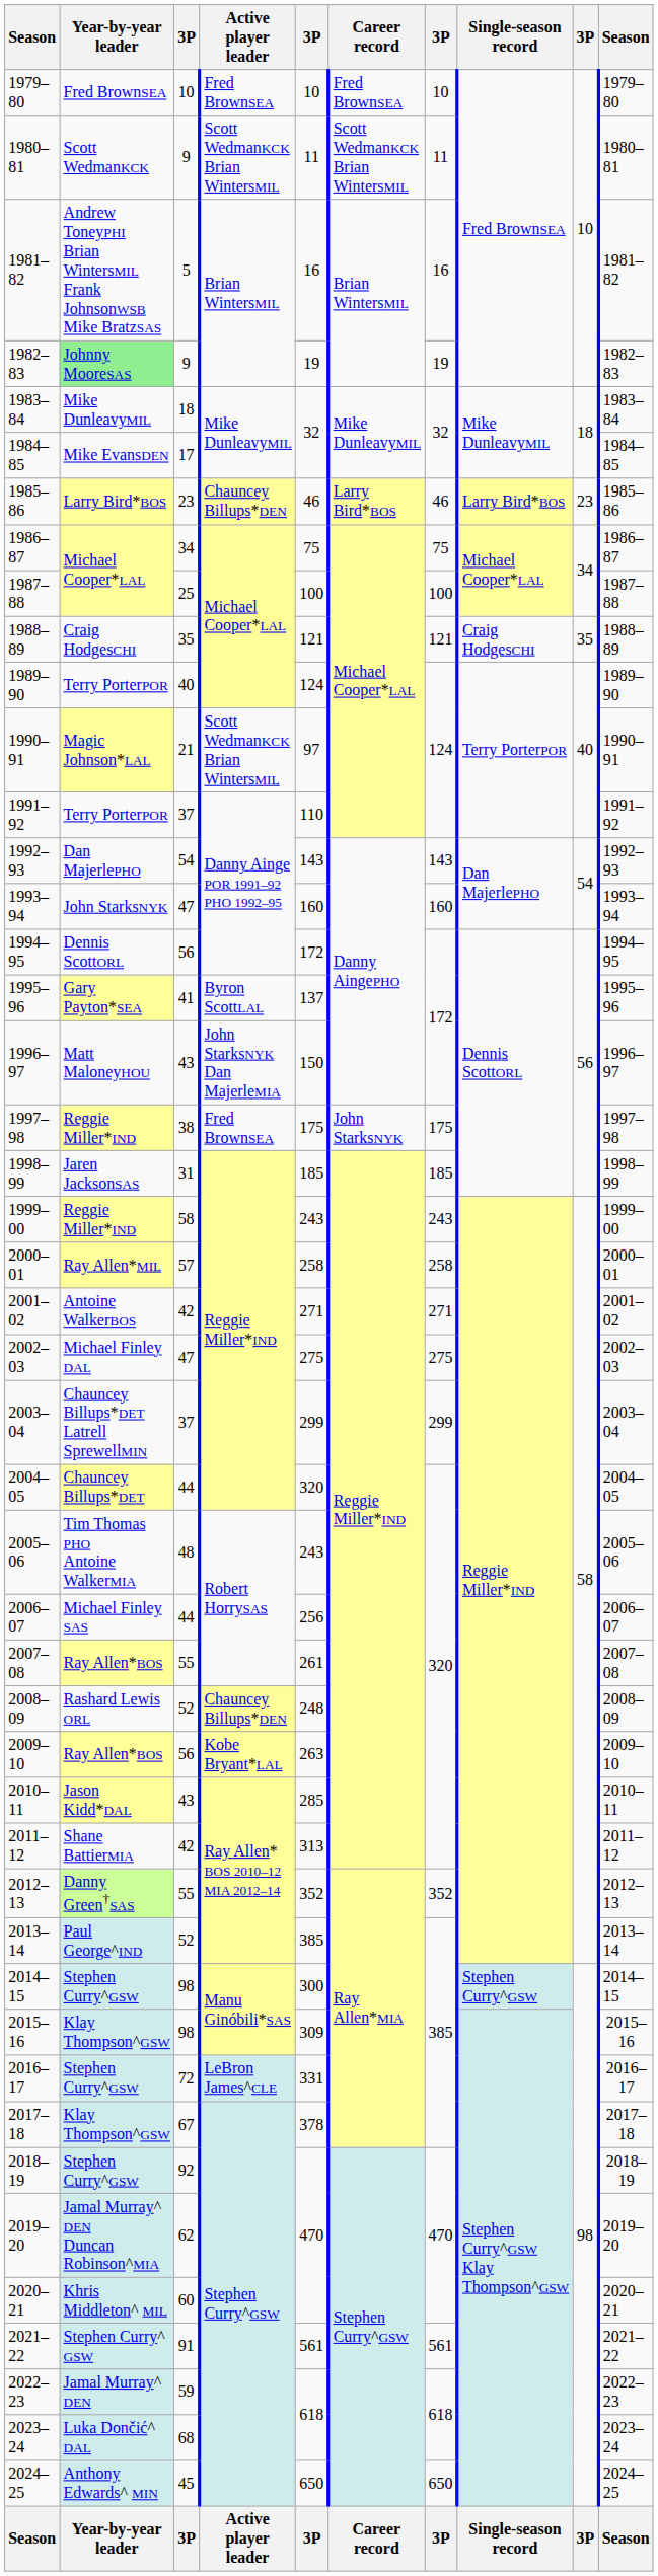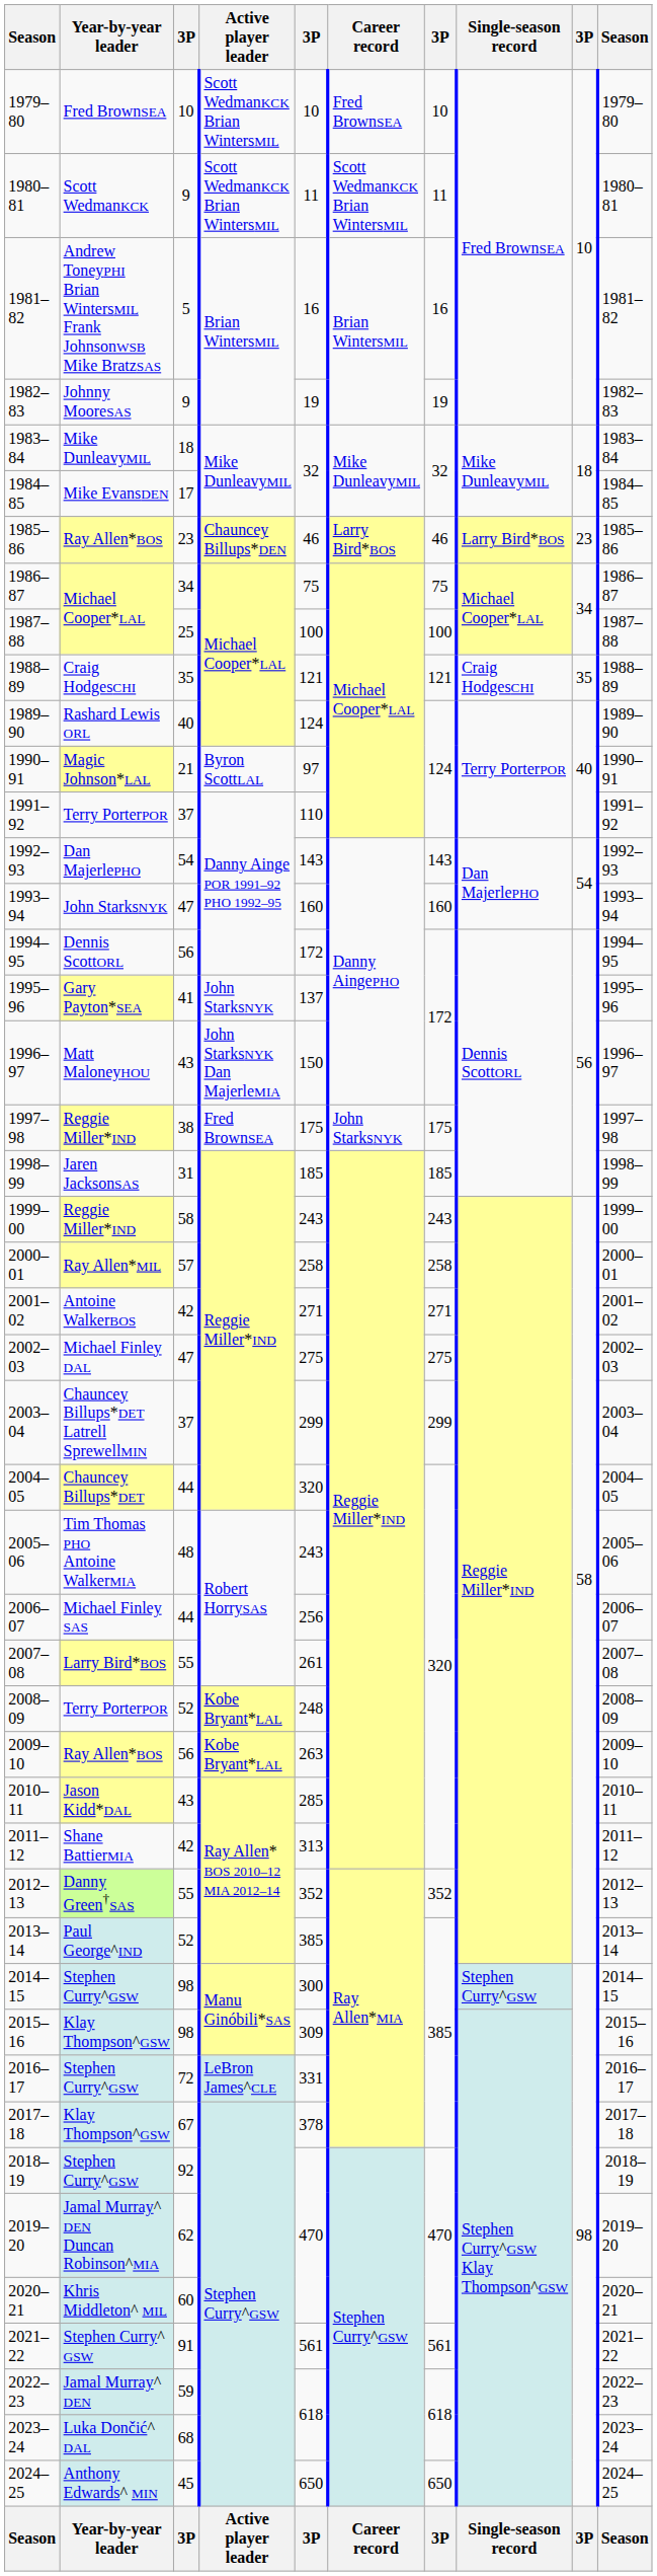 <table class="wikitable"  style="font-size: 95%;">
 <tr>
 <th>Season</th>
 <th>Year-by-year leader</th>
 <th>3P</th>
 <th>Active player leader</th>
 <th>3P</th>
 <th>Career record</th>
 <th>3P</th>
 <th>Single-season record</th>
 <th>3P</th>
 <th>Season</th>
 </tr>
 <tr>
 <td>1979–80</td>
 <td><a href='#'>Fred Brown</a><small><a href='#'>SEA</a></small></td>
 <td align=center style="border-right: solid blue">10</td>
-<td><a href='#'>Fred Brown</a><small><a href='#'>SEA</a></small></td>
+<td><a href='#'>Scott Wedman</a><small><a href='#'>KCK</a></small><br><a href='#'>Brian Winters</a><small><a href='#'>MIL</a></small></td>
 <td align=center style="border-right: solid blue">10</td>
 <td><a href='#'>Fred Brown</a><small><a href='#'>SEA</a></small></td>
 <td align=center style="border-right: solid blue">10</td>
 <td rowspan=4><a href='#'>Fred Brown</a><small><a href='#'>SEA</a></small></td>
 <td rowspan=4 align=center style="border-right: solid blue">10</td>
 <td>1979–80</td>
 </tr>
 <tr>
 <td>1980–81</td>
 <td><a href='#'>Scott Wedman</a><small><a href='#'>KCK</a></small><br></td>
 <td align=center style="border-right: solid blue">9</td>
 <td><a href='#'>Scott Wedman</a><small><a href='#'>KCK</a></small><br><a href='#'>Brian Winters</a><small><a href='#'>MIL</a></small></td>
 <td align=center style="border-right: solid blue">11</td>
 <td><a href='#'>Scott Wedman</a><small><a href='#'>KCK</a></small><br><a href='#'>Brian Winters</a><small><a href='#'>MIL</a></small></td>
 <td align=center style="border-right: solid blue">11</td>
 <td>1980–81</td>
 </tr>
 <tr>
 <td>1981–82</td>
 <td><a href='#'>Andrew Toney</a><small><a href='#'>PHI</a></small><br><a href='#'>Brian Winters</a><small><a href='#'>MIL</a></small><br><a href='#'>Frank Johnson</a><small><a href='#'>WSB</a></small><br><a href='#'>Mike Bratz</a><small><a href='#'>SAS</a></small></td>
 <td align=center style="border-right: solid blue">5</td>
 <td rowspan=2><a href='#'>Brian Winters</a><small><a href='#'>MIL</a></small></td>
 <td align=center style="border-right: solid blue">16</td>
 <td rowspan=2><a href='#'>Brian Winters</a><small><a href='#'>MIL</a></small></td>
 <td align=center style="border-right: solid blue">16</td>
 <td>1981–82</td>
 </tr>
 <tr>
 <td>1982–83</td>
-<td style="background: lightgreen;"><a href='#'>Johnny Moore</a><small><a href='#'>SAS</a></small></td>
+<td><a href='#'>Johnny Moore</a><small><a href='#'>SAS</a></small></td>
 <td align=center style="border-right: solid blue">9</td>
 <td align=center style="border-right: solid blue">19</td>
 <td align=center style="border-right: solid blue">19</td>
 <td>1982–83</td>
 </tr>
 <tr>
 <td>1983–84</td>
 <td><a href='#'>Mike Dunleavy</a><small><a href='#'>MIL</a></small></td>
 <td align=center style="border-right: solid blue">18</td>
 <td rowspan=2><a href='#'>Mike Dunleavy</a><small><a href='#'>MIL</a></small></td>
 <td rowspan=2 align=center style="border-right: solid blue">32</td>
 <td rowspan=2><a href='#'>Mike Dunleavy</a><small><a href='#'>MIL</a></small></td>
 <td rowspan=2 align=center style="border-right: solid blue">32</td>
 <td rowspan=2><a href='#'>Mike Dunleavy</a><small><a href='#'>MIL</a></small></td>
 <td rowspan=2 align=center style="border-right: solid blue">18</td>
 <td>1983–84</td>
 </tr>
 <tr>
 <td>1984–85</td>
 <td><a href='#'>Mike Evans</a><small><a href='#'>DEN</a></small></td>
 <td align=center style="border-right: solid blue">17</td>
 <td>1984–85</td>
 </tr>
 <tr>
 <td>1985–86</td>
-<td bgcolor="#FFFF99"><a href='#'>Larry Bird</a>*<small><a href='#'>BOS</a></small></td>
+<td bgcolor="#FFFF99"><a href='#'>Ray Allen</a>*<small><a href='#'>BOS</a></small></td>
 <td align=center style="border-right: solid blue">23</td>
 <td bgcolor="#FFFF99"><a href='#'>Chauncey Billups</a>*<small><a href='#'>DEN</a></small></td>
 <td align=center style="border-right: solid blue">46</td>
 <td bgcolor="#FFFF99"><a href='#'>Larry Bird</a>*<small><a href='#'>BOS</a></small></td>
 <td align=center style="border-right: solid blue">46</td>
 <td bgcolor="#FFFF99"><a href='#'>Larry Bird</a>*<small><a href='#'>BOS</a></small></td>
 <td align=center style="border-right: solid blue">23</td>
 <td>1985–86</td>
 </tr>
 <tr>
 <td>1986–87</td>
 <td rowspan=2 bgcolor="#FFFF99"><a href='#'>Michael Cooper</a>*<small><a href='#'>LAL</a></small></td>
 <td align=center style="border-right: solid blue">34</td>
 <td rowspan=4 bgcolor="#FFFF99"><a href='#'>Michael Cooper</a>*<small><a href='#'>LAL</a></small></td>
 <td align=center style="border-right: solid blue">75</td>
 <td rowspan=6 bgcolor="#FFFF99"><a href='#'>Michael Cooper</a>*<small><a href='#'>LAL</a></small></td>
 <td align=center style="border-right: solid blue">75</td>
 <td rowspan=2 bgcolor="#FFFF99"><a href='#'>Michael Cooper</a>*<small><a href='#'>LAL</a></small></td>
 <td rowspan=2 align=center style="border-right: solid blue">34</td>
 <td>1986–87</td>
 </tr>
 <tr>
 <td>1987–88</td>
 <td align=center style="border-right: solid blue">25</td>
 <td align=center style="border-right: solid blue">100</td>
 <td align=center style="border-right: solid blue">100</td>
 <td>1987–88</td>
 </tr>
 <tr>
 <td>1988–89</td>
 <td><a href='#'>Craig Hodges</a><small><a href='#'>CHI</a></small></td>
 <td align=center style="border-right: solid blue">35</td>
 <td align=center style="border-right: solid blue">121</td>
 <td align=center style="border-right: solid blue">121</td>
 <td><a href='#'>Craig Hodges</a><small><a href='#'>CHI</a></small></td>
 <td align=center style="border-right: solid blue">35</td>
 <td>1988–89</td>
 </tr>
 <tr>
 <td>1989–90</td>
-<td><a href='#'>Terry Porter</a><small><a href='#'>POR</a></small></td>
+<td><a href='#'>Rashard Lewis</a> <small><a href='#'>ORL</a></small></td>
 <td align=center style="border-right: solid blue">40</td>
 <td align=center style="border-right: solid blue">124</td>
 <td align=center style="border-right: solid blue" rowspan=3>124</td>
 <td rowspan=3><a href='#'>Terry Porter</a><small><a href='#'>POR</a></small></td>
 <td align=center style="border-right: solid blue" rowspan=3>40</td>
 <td>1989–90</td>
 </tr>
 <tr>
 <td>1990–91</td>
 <td bgcolor="#FFFF99"><a href='#'>Magic Johnson</a>*<small><a href='#'>LAL</a></small></td>
 <td align=center style="border-right: solid blue">21</td>
-<td><a href='#'>Scott Wedman</a><small><a href='#'>KCK</a></small><br><a href='#'>Brian Winters</a><small><a href='#'>MIL</a></small></td>
+<td><a href='#'>Byron Scott</a><small><a href='#'>LAL</a></small></td>
 <td align=center style="border-right: solid blue">97</td>
 <td>1990–91</td>
 </tr>
 <tr>
 <td>1991–92</td>
 <td><a href='#'>Terry Porter</a><small><a href='#'>POR</a></small></td>
 <td align=center style="border-right: solid blue">37</td>
 <td rowspan=4><a href='#'>Danny Ainge</a><br><small><a href='#'>POR 1991–92</a></small><br><small><a href='#'>PHO 1992–95</a></small></td>
 <td align=center style="border-right: solid blue">110</td>
 <td>1991–92</td>
 </tr>
 <tr>
 <td>1992–93</td>
 <td><a href='#'>Dan Majerle</a><small><a href='#'>PHO</a></small></td>
 <td align=center style="border-right: solid blue">54</td>
 <td align=center style="border-right: solid blue">143</td>
 <td rowspan=5><a href='#'>Danny Ainge</a><small><a href='#'>PHO</a></small></td>
 <td align=center style="border-right: solid blue">143</td>
 <td rowspan=2><a href='#'>Dan Majerle</a><small><a href='#'>PHO</a></small></td>
 <td rowspan=2 align=center style="border-right: solid blue">54</td>
 <td>1992–93</td>
 </tr>
 <tr>
 <td>1993–94</td>
 <td><a href='#'>John Starks</a><small><a href='#'>NYK</a></small></td>
 <td align=center style="border-right: solid blue">47</td>
 <td align=center style="border-right: solid blue">160</td>
 <td align=center style="border-right: solid blue">160</td>
 <td>1993–94</td>
 </tr>
 <tr>
 <td>1994–95</td>
 <td><a href='#'>Dennis Scott</a><small><a href='#'>ORL</a></small></td>
 <td align=center style="border-right: solid blue">56</td>
 <td align=center style="border-right: solid blue">172</td>
 <td rowspan=3 align=center style="border-right: solid blue">172</td>
 <td rowspan=5><a href='#'>Dennis Scott</a><small><a href='#'>ORL</a></small></td>
 <td rowspan=5 align=center style="border-right: solid blue">56</td>
 <td>1994–95</td>
 </tr>
 <tr>
 <td>1995–96</td>
 <td bgcolor="#FFFF99"><a href='#'>Gary Payton</a>*<small><a href='#'>SEA</a></small></td>
 <td align=center style="border-right: solid blue">41</td>
-<td><a href='#'>Byron Scott</a><small><a href='#'>LAL</a></small></td>
+<td><a href='#'>John Starks</a><small><a href='#'>NYK</a></small></td>
 <td align=center style="border-right: solid blue">137</td>
 <td>1995–96</td>
 </tr>
 <tr>
 <td>1996–97</td>
 <td><a href='#'>Matt Maloney</a><small><a href='#'>HOU</a></small></td>
 <td align=center style="border-right: solid blue">43</td>
 <td><a href='#'>John Starks</a><small><a href='#'>NYK</a></small><br><a href='#'>Dan Majerle</a><small><a href='#'>MIA</a></small></td>
 <td align=center style="border-right: solid blue">150</td>
 <td>1996–97</td>
 </tr>
 <tr>
 <td>1997–98</td>
 <td bgcolor="#FFFF99"><a href='#'>Reggie Miller</a>*<small><a href='#'>IND</a></small></td>
 <td align=center style="border-right: solid blue">38</td>
 <td><a href='#'>Fred Brown</a><small><a href='#'>SEA</a></small></td>
 <td align=center style="border-right: solid blue">175</td>
 <td><a href='#'>John Starks</a><small><a href='#'>NYK</a></small></td>
 <td align=center style="border-right: solid blue">175</td>
 <td>1997–98</td>
 </tr>
 <tr>
 <td>1998–99</td>
 <td><a href='#'>Jaren Jackson</a><small><a href='#'>SAS</a></small></td>
 <td align=center style="border-right: solid blue">31</td>
 <td rowspan=7 bgcolor="#FFFF99"><a href='#'>Reggie Miller</a>*<small><a href='#'>IND</a></small></td>
 <td align=center style="border-right: solid blue">185</td>
 <td rowspan=14 bgcolor="#FFFF99"><a href='#'>Reggie Miller</a>*<small><a href='#'>IND</a></small></td>
 <td align=center style="border-right: solid blue">185</td>
 <td>1998–99</td>
 </tr>
 <tr>
 <td>1999–00</td>
 <td bgcolor="#FFFF99"><a href='#'>Reggie Miller</a>*<small><a href='#'>IND</a></small></td>
 <td align=center style="border-right: solid blue">58</td>
 <td align=center style="border-right: solid blue">243</td>
 <td align=center style="border-right: solid blue">243</td>
 <td rowspan=15 bgcolor="#FFFF99"><a href='#'>Reggie Miller</a>*<small><a href='#'>IND</a></small></td>
 <td rowspan=15 align=center style="border-right: solid blue">58</td>
 <td>1999–00</td>
 </tr>
 <tr>
 <td>2000–01</td>
 <td bgcolor="#FFFF99"><a href='#'>Ray Allen</a>*<small><a href='#'>MIL</a></small></td>
 <td align=center style="border-right: solid blue">57</td>
 <td align=center style="border-right: solid blue">258</td>
 <td align=center style="border-right: solid blue">258</td>
 <td>2000–01</td>
 </tr>
 <tr>
 <td>2001–02</td>
 <td><a href='#'>Antoine Walker</a><small><a href='#'>BOS</a></small></td>
 <td align=center style="border-right: solid blue">42</td>
 <td align=center style="border-right: solid blue">271</td>
 <td align=center style="border-right: solid blue">271</td>
 <td>2001–02</td>
 </tr>
 <tr>
 <td>2002–03</td>
 <td><a href='#'>Michael Finley</a> <small><a href='#'>DAL</a></small></td>
 <td align=center style="border-right: solid blue">47</td>
 <td align=center style="border-right: solid blue">275</td>
 <td align=center style="border-right: solid blue">275</td>
 <td>2002–03</td>
 </tr>
 <tr>
 <td>2003–04</td>
 <td><div><a href='#'>Chauncey Billups</a>*<small><a href='#'>DET</a></small></div><a href='#'>Latrell Sprewell</a><small><a href='#'>MIN</a></small></td>
 <td align=center style="border-right: solid blue">37</td>
 <td align=center style="border-right: solid blue">299</td>
 <td align=center style="border-right: solid blue">299</td>
 <td>2003–04</td>
 </tr>
 <tr>
 <td>2004–05</td>
 <td bgcolor="#FFFF99"><a href='#'>Chauncey Billups</a>*<small><a href='#'>DET</a></small></td>
 <td align=center style="border-right: solid blue">44</td>
 <td align=center style="border-right: solid blue">320</td>
 <td rowspan=8 align=center style="border-right: solid blue">320</td>
 <td>2004–05</td>
 </tr>
 <tr>
 <td>2005–06</td>
 <td><a href='#'>Tim Thomas</a> <small><a href='#'>PHO</a></small><br><a href='#'>Antoine Walker</a><small><a href='#'>MIA</a></small></td>
 <td align=center style="border-right: solid blue">48</td>
 <td rowspan=3><a href='#'>Robert Horry</a><small><a href='#'>SAS</a></small></td>
 <td align=center style="border-right: solid blue">243</td>
 <td>2005–06</td>
 </tr>
 <tr>
 <td>2006–07</td>
 <td><a href='#'>Michael Finley</a> <small><a href='#'>SAS</a></small></td>
 <td align=center style="border-right: solid blue">44</td>
 <td align=center style="border-right: solid blue">256</td>
 <td>2006–07</td>
 </tr>
 <tr>
 <td>2007–08</td>
-<td bgcolor="#FFFF99"><a href='#'>Ray Allen</a>*<small><a href='#'>BOS</a></small></td>
+<td bgcolor="#FFFF99"><a href='#'>Larry Bird</a>*<small><a href='#'>BOS</a></small></td>
 <td align=center style="border-right: solid blue">55</td>
 <td align=center style="border-right: solid blue">261</td>
 <td>2007–08</td>
 </tr>
 <tr>
 <td>2008–09</td>
-<td><a href='#'>Rashard Lewis</a> <small><a href='#'>ORL</a></small></td>
+<td><a href='#'>Terry Porter</a><small><a href='#'>POR</a></small></td>
 <td align=center style="border-right: solid blue">52</td>
-<td bgcolor="#FFFF99"><a href='#'>Chauncey Billups</a>*<small><a href='#'>DEN</a></small></td>
+<td bgcolor="#FFFF99"><a href='#'>Kobe Bryant</a>*<small><a href='#'>LAL</a></small></td>
 <td align=center style="border-right: solid blue">248</td>
 <td>2008–09</td>
 </tr>
 <tr>
 <td>2009–10</td>
 <td bgcolor="#FFFF99"><a href='#'>Ray Allen</a>*<small><a href='#'>BOS</a></small></td>
 <td align=center style="border-right: solid blue">56</td>
 <td bgcolor="#FFFF99"><a href='#'>Kobe Bryant</a>*<small><a href='#'>LAL</a></small></td>
 <td align=center style="border-right: solid blue">263</td>
 <td>2009–10</td>
 </tr>
 <tr>
 <td>2010–11</td>
 <td bgcolor="#FFFF99"><a href='#'>Jason Kidd</a>*<small><a href='#'>DAL</a></small></td>
 <td align=center style="border-right: solid blue">43</td>
 <td rowspan=4 bgcolor="#FFFF99"><a href='#'>Ray Allen</a>*<br><small><a href='#'>BOS 2010–12</a></small><br><small><a href='#'>MIA 2012–14</a></small></td>
 <td align=center style="border-right: solid blue">285</td>
 <td>2010–11</td>
 </tr>
 <tr>
 <td>2011–12</td>
 <td><a href='#'>Shane Battier</a><small><a href='#'>MIA</a></small></td>
 <td align=center style="border-right: solid blue">42</td>
 <td align=center style="border-right: solid blue">313</td>
 <td>2011–12</td>
 </tr>
 <tr>
 <td>2012–13</td>
 <td bgcolor="#CCFF99"><a href='#'>Danny Green</a><sup>†</sup><small><a href='#'>SAS</a></small></td>
 <td align=center style="border-right: solid blue">55</td>
 <td align=center style="border-right: solid blue">352</td>
 <td rowspan=6 bgcolor="#FFFF99"><a href='#'>Ray Allen</a>*<small><a href='#'>MIA</a></small></td>
 <td align=center style="border-right: solid blue">352</td>
 <td>2012–13</td>
 </tr>
 <tr>
 <td>2013–14</td>
 <td bgcolor="#CFECEC"><a href='#'>Paul George</a>^<small><a href='#'>IND</a></small></td>
 <td align=center style="border-right: solid blue">52</td>
 <td align=center style="border-right: solid blue">385</td>
 <td rowspan=5 align=center style="border-right: solid blue">385</td>
 <td>2013–14</td>
 </tr>
 <tr>
 <td>2014–15</td>
 <td bgcolor="#CFECEC"><a href='#'>Stephen Curry</a>^<small><a href='#'>GSW</a></small></td>
 <td align=center style="border-right: solid blue">98</td>
 <td rowspan=2 bgcolor="#FFFF99"><a href='#'>Manu Ginóbili</a>*<small><a href='#'>SAS</a></small></td>
 <td align=center style="border-right: solid blue">300</td>
 <td bgcolor="#CFECEC"><a href='#'>Stephen Curry</a>^<small><a href='#'>GSW</a></small></td>
 <td rowspan=11 align=center style="border-right: solid blue">98</td>
 <td>2014–15</td>
 </tr>
 <tr>
 <td>2015–16</td>
 <td bgcolor="#CFECEC"><a href='#'>Klay Thompson</a>^<small><a href='#'>GSW</a></small></td>
 <td align=center style="border-right: solid blue">98</td>
 <td align=center style="border-right: solid blue">309</td>
 <td rowspan=10 bgcolor="#CFECEC"><a href='#'>Stephen Curry</a>^<small><a href='#'>GSW</a></small><br><a href='#'>Klay Thompson</a>^<small><a href='#'>GSW</a></small></td>
 <td align=center>2015–16</td>
 </tr>
 <tr>
 <td>2016–17</td>
 <td bgcolor="#CFECEC"><a href='#'>Stephen Curry</a>^<small><a href='#'>GSW</a></small></td>
 <td align="center" style="border-right: solid blue">72</td>
 <td bgcolor="#CFECEC"><a href='#'>LeBron James</a>^<small><a href='#'>CLE</a></small></td>
 <td align="center" style="border-right: solid blue">331</td>
 <td align="center">2016–17</td>
 </tr>
 <tr>
 <td>2017–18</td>
 <td bgcolor="#CFECEC"><a href='#'>Klay Thompson</a>^<small><a href='#'>GSW</a></small></td>
 <td align=center style="border-right: solid blue">67</td>
 <td bgcolor="#CFECEC" rowspan=8><a href='#'>Stephen Curry</a>^<small><a href='#'>GSW</a></small></td>
 <td align=center style="border-right: solid blue">378</td>
 <td align="center">2017–18</td>
 </tr>
 <tr>
 <td>2018–19</td>
 <td bgcolor="#CFECEC"><a href='#'>Stephen Curry</a>^<small><a href='#'>GSW</a></small></td>
 <td align="center" style="border-right: solid blue">92</td>
 <td align="center" rowspan=3 style="border-right: solid blue">470</td>
 <td bgcolor="#CFECEC" rowspan=7><a href='#'>Stephen Curry</a>^<small><a href='#'>GSW</a></small></td>
 <td align=center rowspan=3 style="border-right: solid blue">470</td>
 <td align="center">2018–19</td>
 </tr>
 <tr>
 <td>2019–20</td>
 <td bgcolor="#CFECEC"><a href='#'>Jamal Murray</a>^ <small><a href='#'>DEN</a></small><br><a href='#'>Duncan Robinson</a>^<small><a href='#'>MIA</a></small></td>
 <td align="center" style="border-right: solid blue">62</td>
 <td>2019–20</td>
 </tr>
 <tr>
 <td>2020–21</td>
 <td bgcolor="#CFECEC"><a href='#'>Khris Middleton</a>^ <small><a href='#'>MIL</a></small></td>
 <td align="center" style="border-right: solid blue">60</td>
 <td>2020–21</td>
 </tr>
 <tr>
 <td>2021–22</td>
 <td bgcolor="#CFECEC"><a href='#'>Stephen Curry</a>^ <small><a href='#'>GSW</a></small></td>
 <td align="center" style="border-right: solid blue">91</td>
 <td align="center" style="border-right: solid blue">561</td>
 <td align="center" style="border-right: solid blue">561</td>
 <td>2021–22</td>
 </tr>
 <tr>
 <td>2022–23</td>
 <td bgcolor="#CFECEC"><a href='#'>Jamal Murray</a>^ <small><a href='#'>DEN</a></small></td>
 <td align="center" style="border-right: solid blue">59</td>
 <td align="center" style="border-right: solid blue" rowspan=2>618</td>
 <td align="center" style="border-right: solid blue" rowspan=2>618</td>
 <td>2022–23</td>
 </tr>
 <tr>
 <td>2023–24</td>
 <td bgcolor="#CFECEC"><a href='#'>Luka Dončić</a>^ <small><a href='#'>DAL</a></small></td>
 <td align="center" style="border-right: solid blue">68</td>
 <td>2023–24</td>
 </tr>
 <tr>
 <td>2024–25</td>
 <td bgcolor="#CFECEC"><a href='#'>Anthony Edwards</a>^ <small><a href='#'>MIN</a></small></td>
 <td align="center" style="border-right: solid blue">45</td>
 <td align="center" style="border-right: solid blue">650</td>
 <td align="center" style="border-right: solid blue">650</td>
 <td>2024–25</td>
 </tr>
 <tr>
 <th>Season</th>
 <th>Year-by-year leader</th>
 <th>3P</th>
 <th>Active player leader</th>
 <th>3P</th>
 <th>Career record</th>
 <th>3P</th>
 <th>Single-season record</th>
 <th>3P</th>
 <th>Season</th>
 </tr>
 </table>
